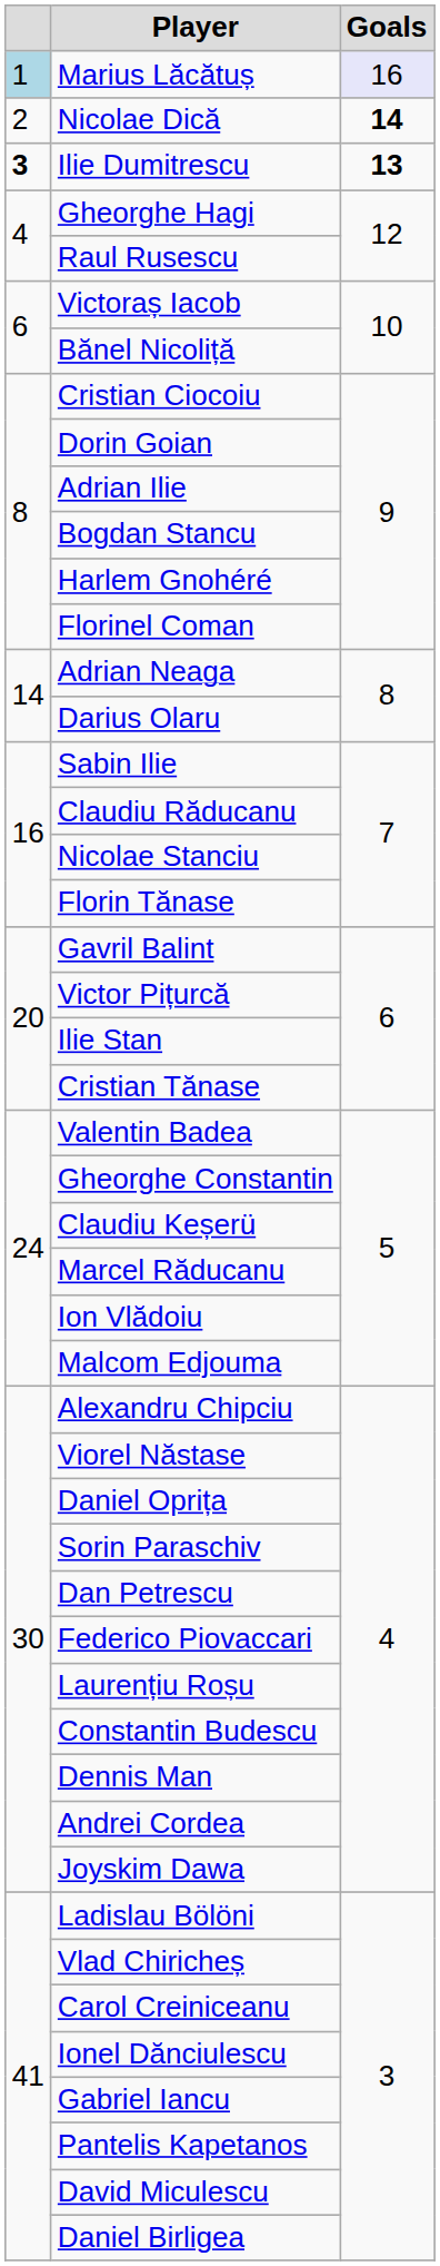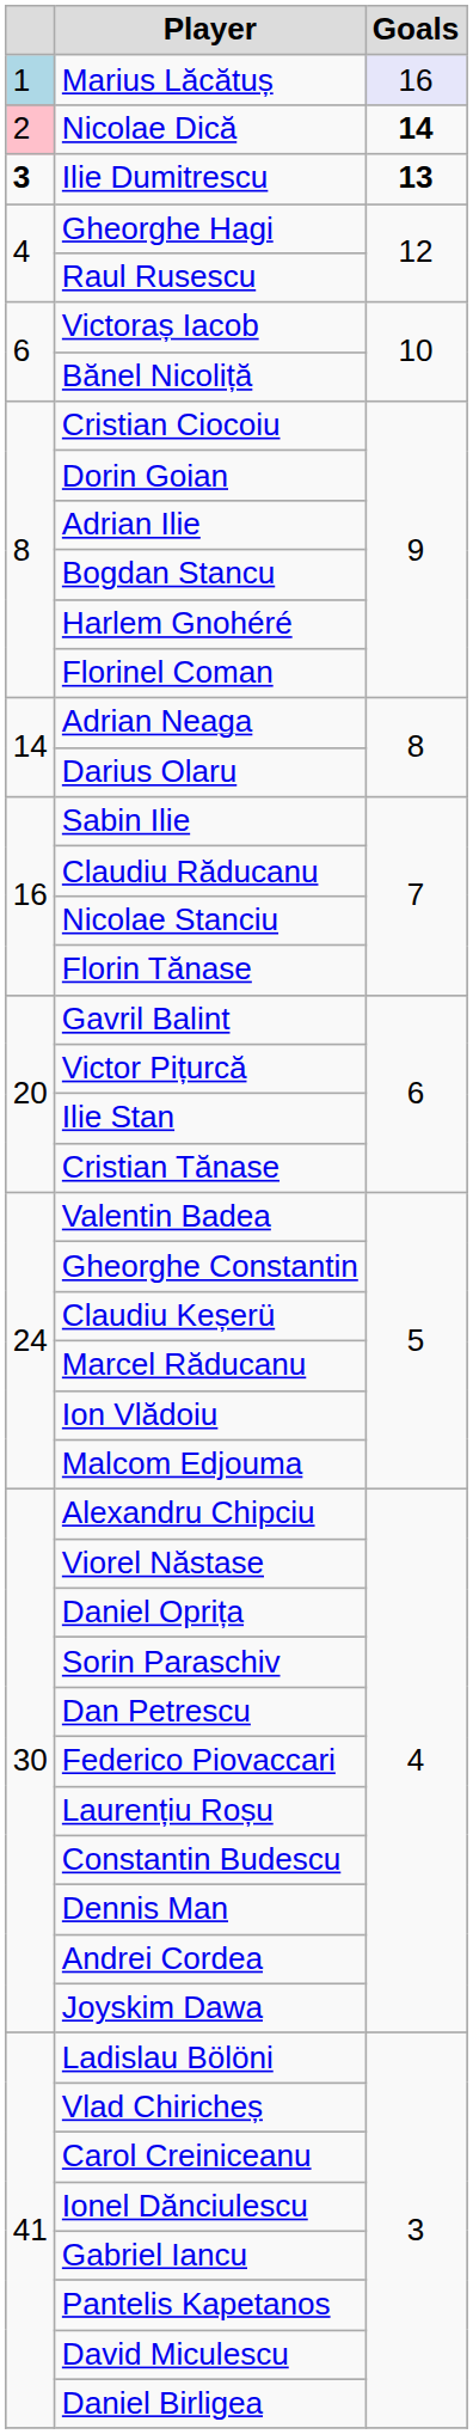 <table border="0" class="wikitable">
 <tr>
 <th style="background:#DCDCDC"></th>
 <th style="background:#DCDCDC">Player</th>
 <th style="background:#DCDCDC">Goals</th>
 </tr>
 <tr>
 <td align=left style="background: lightblue;">1</td>
 <td><a href='#'>Marius Lăcătuș</a></td>
 <td align=center style="background: lavender;">16</td>
 </tr>
 <tr>
-<td align=left>2</td>
+<td align=left style="background: pink;">2</td>
 <td><a href='#'>Nicolae Dică</a></td>
 <td align=center><strong>14</strong></td>
 </tr>
 <tr>
 <td align=left><strong>3</strong></td>
 <td><a href='#'>Ilie Dumitrescu</a></td>
 <td align=center><strong>13</strong></td>
 </tr>
 <tr>
 <td rowspan="2" align=left>4</td>
 <td><a href='#'>Gheorghe Hagi</a></td>
 <td rowspan="2" align=center>12</td>
 </tr>
 <tr>
 <td><a href='#'>Raul Rusescu</a></td>
 </tr>
 <tr>
 <td rowspan="2" align=left>6</td>
 <td><a href='#'>Victoraș Iacob</a></td>
 <td rowspan="2" align=center>10</td>
 </tr>
 <tr>
 <td><a href='#'>Bănel Nicoliță</a></td>
 </tr>
 <tr>
 <td rowspan="6" align=left>8</td>
 <td><a href='#'>Cristian Ciocoiu</a></td>
 <td rowspan="6" align=center>9</td>
 </tr>
 <tr>
 <td><a href='#'>Dorin Goian</a></td>
 </tr>
 <tr>
 <td><a href='#'>Adrian Ilie</a></td>
 </tr>
 <tr>
 <td><a href='#'>Bogdan Stancu</a></td>
 </tr>
 <tr>
 <td> <a href='#'>Harlem Gnohéré</a></td>
 </tr>
 <tr>
 <td><a href='#'>Florinel Coman</a></td>
 </tr>
 <tr>
 <td rowspan="2" align=left>14</td>
 <td><a href='#'>Adrian Neaga</a></td>
 <td rowspan="2" align=center>8</td>
 </tr>
 <tr>
 <td><a href='#'>Darius Olaru</a></td>
 </tr>
 <tr>
 <td rowspan="4" align=left>16</td>
 <td><a href='#'>Sabin Ilie</a></td>
 <td rowspan="4" align=center>7</td>
 </tr>
 <tr>
 <td><a href='#'>Claudiu Răducanu</a></td>
 </tr>
 <tr>
 <td><a href='#'>Nicolae Stanciu</a></td>
 </tr>
 <tr>
 <td><a href='#'>Florin Tănase</a></td>
 </tr>
 <tr>
 <td rowspan="4" align=left>20</td>
 <td><a href='#'>Gavril Balint</a></td>
 <td rowspan="4" align=center>6</td>
 </tr>
 <tr>
 <td><a href='#'>Victor Pițurcă</a></td>
 </tr>
 <tr>
 <td><a href='#'>Ilie Stan</a></td>
 </tr>
 <tr>
 <td><a href='#'>Cristian Tănase</a></td>
 </tr>
 <tr>
 <td rowspan="6" align=left>24</td>
 <td><a href='#'>Valentin Badea</a></td>
 <td rowspan="6" align=center>5</td>
 </tr>
 <tr>
 <td><a href='#'>Gheorghe Constantin</a></td>
 </tr>
 <tr>
 <td><a href='#'>Claudiu Keșerü</a></td>
 </tr>
 <tr>
 <td><a href='#'>Marcel Răducanu</a></td>
 </tr>
 <tr>
 <td><a href='#'>Ion Vlădoiu</a></td>
 </tr>
 <tr>
 <td> <a href='#'>Malcom Edjouma</a></td>
 </tr>
 <tr>
 <td rowspan="11" align=left>30</td>
 <td><a href='#'>Alexandru Chipciu</a></td>
 <td rowspan="11" align=center>4</td>
 </tr>
 <tr>
 <td><a href='#'>Viorel Năstase</a></td>
 </tr>
 <tr>
 <td><a href='#'>Daniel Oprița</a></td>
 </tr>
 <tr>
 <td><a href='#'>Sorin Paraschiv</a></td>
 </tr>
 <tr>
 <td><a href='#'>Dan Petrescu</a></td>
 </tr>
 <tr>
 <td> <a href='#'>Federico Piovaccari</a></td>
 </tr>
 <tr>
 <td><a href='#'>Laurențiu Roșu</a></td>
 </tr>
 <tr>
 <td><a href='#'>Constantin Budescu</a></td>
 </tr>
 <tr>
 <td><a href='#'>Dennis Man</a></td>
 </tr>
 <tr>
 <td><a href='#'>Andrei Cordea</a></td>
 </tr>
 <tr>
 <td> <a href='#'>Joyskim Dawa</a></td>
 </tr>
 <tr>
 <td rowspan="8" align=left>41</td>
 <td><a href='#'>Ladislau Bölöni</a></td>
 <td rowspan="8" align=center>3</td>
 </tr>
 <tr>
 <td><a href='#'>Vlad Chiricheș</a></td>
 </tr>
 <tr>
 <td><a href='#'>Carol Creiniceanu</a></td>
 </tr>
 <tr>
 <td><a href='#'>Ionel Dănciulescu</a></td>
 </tr>
 <tr>
 <td><a href='#'>Gabriel Iancu</a></td>
 </tr>
 <tr>
 <td> <a href='#'>Pantelis Kapetanos</a></td>
 </tr>
 <tr>
 <td><a href='#'>David Miculescu</a></td>
 </tr>
 <tr>
 <td><a href='#'>Daniel Birligea</a></td>
 </tr>
 </table>
